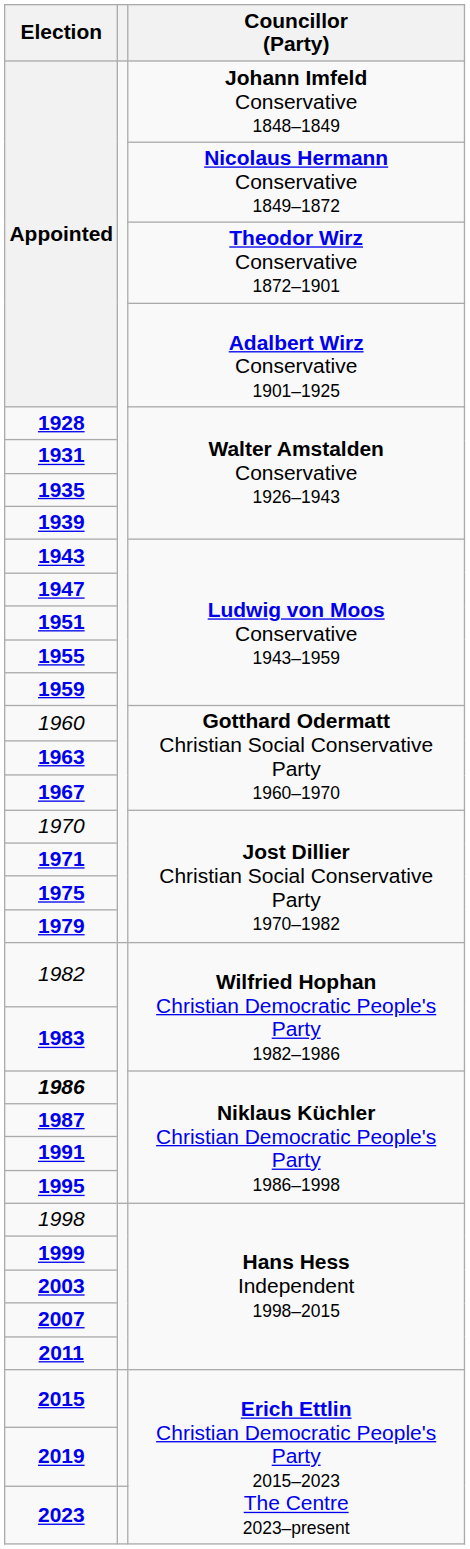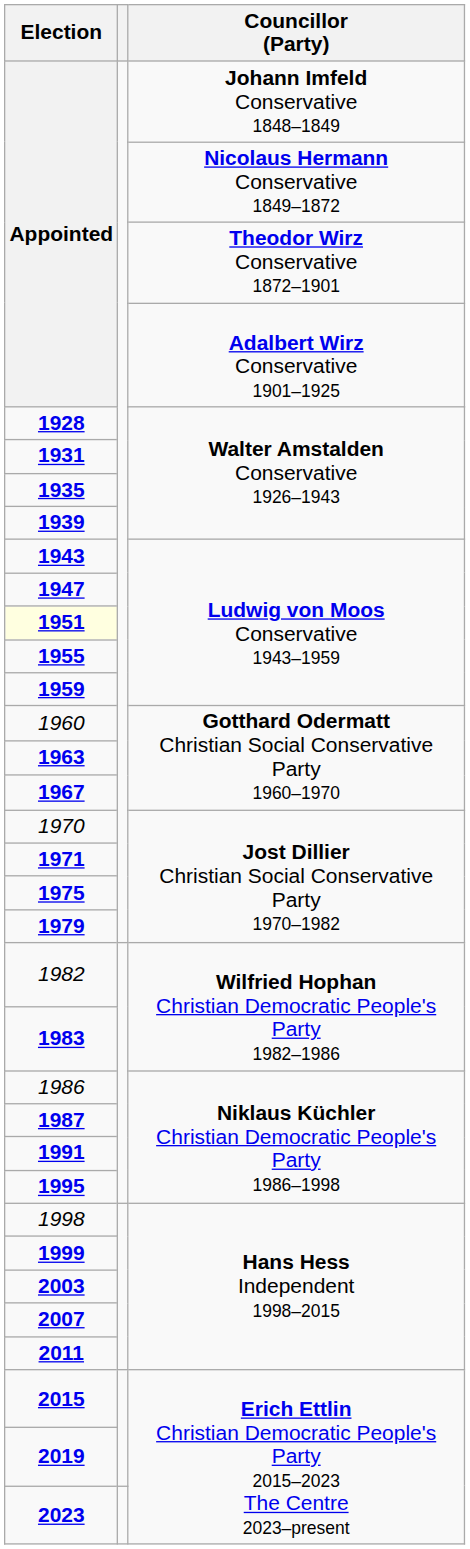 <table class="wikitable" style="text-align:center">
 <tr>
 <th>Election</th>
 <th></th>
 <th scope="col" width="250" colspan = "1">Councillor<br> (Party)</th>
 </tr>
 <tr>
 <th rowspan=5>Appointed</th>
 <td rowspan=21; style="background-color: "></td>
 <td rowspan=1><strong>Johann Imfeld</strong><br>Conservative<br><small>1848–1849</small></td>
 </tr>
 <tr>
 <td rowspan=1><strong><a href='#'>Nicolaus Hermann</a></strong><br>Conservative<br><small>1849–1872</small></td>
 </tr>
 <tr>
 <td rowspan=1><strong><a href='#'>Theodor Wirz</a></strong><br>Conservative<br><small>1872–1901</small></td>
 </tr>
 <tr>
 <td rowspan=1><br><strong><a href='#'>Adalbert Wirz</a></strong><br>Conservative<br><small>1901–1925</small></td>
 </tr>
 <tr>
 <td rowspan=5><strong>Walter Amstalden</strong><br>Conservative<br><small>1926–1943</small></td>
 </tr>
 <tr>
 <td><strong><a href='#'>1928</a></strong></td>
 </tr>
 <tr>
 <td><strong><a href='#'>1931</a></strong></td>
 </tr>
 <tr>
 <td><strong><a href='#'>1935</a></strong></td>
 </tr>
 <tr>
 <td><strong><a href='#'>1939</a></strong></td>
 </tr>
 <tr>
 <td><strong><a href='#'>1943</a></strong></td>
 <td rowspan=5><br><strong><a href='#'>Ludwig von Moos</a></strong><br>Conservative<br><small>1943–1959</small></td>
 </tr>
 <tr>
 <td><strong><a href='#'>1947</a></strong></td>
 </tr>
 <tr>
-<td><strong><a href='#'>1951</a></strong></td>
+<td style="background: lightyellow;"><strong><a href='#'>1951</a></strong></td>
 </tr>
 <tr>
 <td><strong><a href='#'>1955</a></strong></td>
 </tr>
 <tr>
 <td><strong><a href='#'>1959</a></strong></td>
 </tr>
 <tr>
 <td><em>1960</em></td>
 <td rowspan=3><strong>Gotthard Odermatt</strong><br>Christian Social Conservative Party<br><small>1960–1970</small></td>
 </tr>
 <tr>
 <td><strong><a href='#'>1963</a></strong></td>
 </tr>
 <tr>
 <td><strong><a href='#'>1967</a></strong></td>
 </tr>
 <tr>
 <td><em>1970</em></td>
 <td rowspan=4><br><strong>Jost Dillier</strong><br>Christian Social Conservative Party<br><small>1970–1982</small></td>
 </tr>
 <tr>
 <td><strong><a href='#'>1971</a></strong></td>
 </tr>
 <tr>
 <td><strong><a href='#'>1975</a></strong></td>
 </tr>
 <tr>
 <td><strong><a href='#'>1979</a></strong></td>
 </tr>
 <tr>
 <td><em>1982</em></td>
 <td rowspan=6; style="background-color: "></td>
 <td rowspan=2><br><strong>Wilfried Hophan</strong><br><a href='#'>Christian Democratic People's Party</a><br><small>1982–1986</small></td>
 </tr>
 <tr>
 <td><strong><a href='#'>1983</a></strong></td>
 </tr>
 <tr>
-<td><strong><em>1986</em></strong></td>
+<td><em>1986</em></td>
 <td rowspan=4><br><strong>Niklaus Küchler</strong><br><a href='#'>Christian Democratic People's Party</a><br><small>1986–1998</small></td>
 </tr>
 <tr>
 <td><strong><a href='#'>1987</a></strong></td>
 </tr>
 <tr>
 <td><strong><a href='#'>1991</a></strong></td>
 </tr>
 <tr>
 <td><strong><a href='#'>1995</a></strong></td>
 </tr>
 <tr>
 <td><em>1998</em></td>
 <td rowspan=5; style="background-color: "></td>
 <td rowspan=5><strong>Hans Hess</strong><br>Independent<br><small>1998–2015</small></td>
 </tr>
 <tr>
 <td><strong><a href='#'>1999</a></strong></td>
 </tr>
 <tr>
 <td><strong><a href='#'>2003</a></strong></td>
 </tr>
 <tr>
 <td><strong><a href='#'>2007</a></strong></td>
 </tr>
 <tr>
 <td><strong><a href='#'>2011</a></strong></td>
 </tr>
 <tr>
 <td><strong><a href='#'>2015</a></strong></td>
 <td rowspan=2; style="background-color: "></td>
 <td rowspan=3><br><strong><a href='#'>Erich Ettlin</a></strong><br><a href='#'>Christian Democratic People's Party</a><br><small>2015–2023</small><br><a href='#'>The Centre</a><br><small>2023–present</small></td>
 </tr>
 <tr>
 <td><strong><a href='#'>2019</a></strong></td>
 </tr>
 <tr>
 <td><strong><a href='#'>2023</a></strong></td>
 <td rowspan=1; style="background-color: "></td>
 </tr>
 </table>
